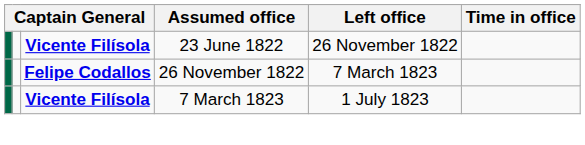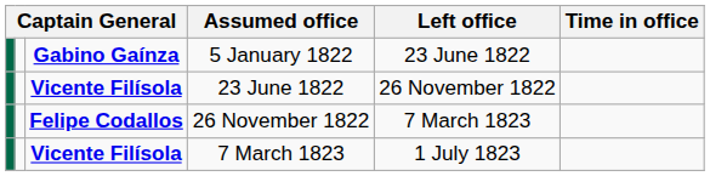 <table class="wikitable" style="text-align:center">
 <tr>
 <th colspan="3">Captain General</th>
 <th>Assumed office</th>
 <th>Left office</th>
 <th>Time in office</th>
+</tr>
+<tr>
+<td style="background-color:#006847"></td>
+<td></td>
+<td><strong><a href='#'>Gabino Gaínza</a></strong><br></td>
+<td>5 January 1822</td>
+<td>23 June 1822</td>
+<td></td>
 </tr>
 <tr>
 <td style="background-color:#006847"></td>
 <td></td>
 <td><strong><a href='#'>Vicente Filísola</a></strong><br></td>
 <td>23 June 1822</td>
 <td>26 November 1822</td>
 <td></td>
 </tr>
 <tr>
 <td style="background-color:#006847"></td>
 <td></td>
 <td><strong><a href='#'>Felipe Codallos</a></strong><br></td>
 <td>26 November 1822</td>
 <td>7 March 1823</td>
 <td></td>
 </tr>
 <tr>
 <td style="background-color:#006847"></td>
 <td></td>
 <td><strong><a href='#'>Vicente Filísola</a></strong><br></td>
 <td>7 March 1823</td>
 <td>1 July 1823</td>
 <td></td>
 </tr>
 </table>
